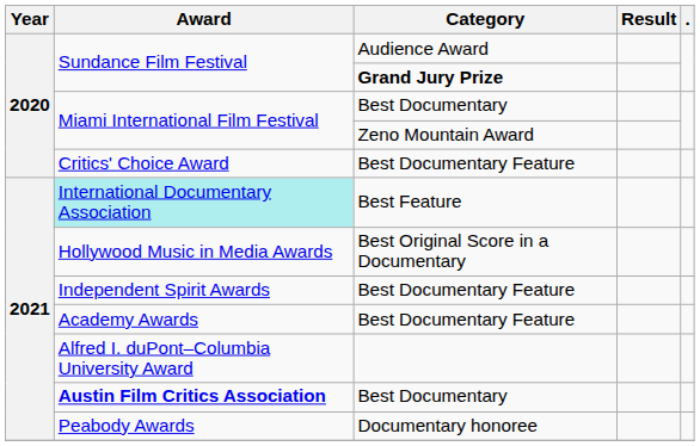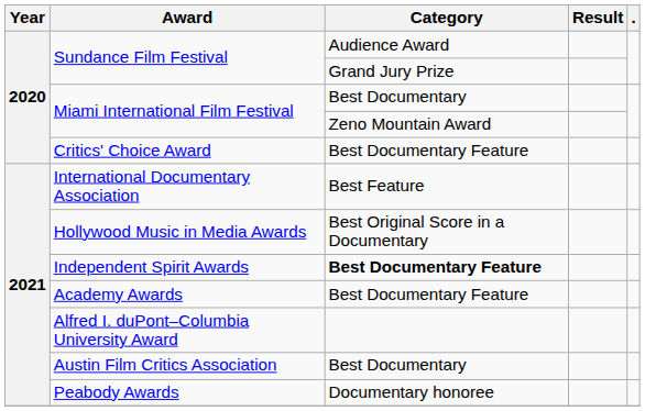 <table class="wikitable plainrowheaders">
 <tr>
 <th>Year</th>
 <th>Award</th>
 <th>Category</th>
 <th>Result</th>
 <th>.</th>
 </tr>
 <tr>
 <th rowspan="5" scope="row">2020</th>
 <td rowspan="2"><a href='#'>Sundance Film Festival</a></td>
 <td>Audience Award</td>
 <td></td>
 <td rowspan="2"></td>
 </tr>
 <tr>
-<td><strong>Grand Jury Prize</strong></td>
+<td>Grand Jury Prize</td>
 <td></td>
 </tr>
 <tr>
 <td rowspan="2"><a href='#'>Miami International Film Festival</a></td>
 <td>Best Documentary</td>
 <td></td>
 <td rowspan="2"></td>
 </tr>
 <tr>
 <td>Zeno Mountain Award</td>
 <td></td>
 </tr>
 <tr>
 <td><a href='#'>Critics' Choice Award</a></td>
 <td>Best Documentary Feature</td>
 <td></td>
 <td></td>
 </tr>
 <tr>
 <th rowspan="7" scope="row">2021</th>
-<td style="background: paleturquoise;"><a href='#'>International Documentary Association</a></td>
+<td><a href='#'>International Documentary Association</a></td>
 <td>Best Feature</td>
 <td></td>
 <td></td>
 </tr>
 <tr>
 <td><a href='#'>Hollywood Music in Media Awards</a></td>
 <td>Best Original Score in a Documentary</td>
 <td></td>
 <td></td>
 </tr>
 <tr>
 <td><a href='#'>Independent Spirit Awards</a></td>
-<td>Best Documentary Feature</td>
+<td><strong>Best Documentary Feature</strong></td>
 <td></td>
 <td></td>
 </tr>
 <tr>
 <td><a href='#'>Academy Awards</a></td>
 <td>Best Documentary Feature</td>
 <td></td>
 <td></td>
 </tr>
 <tr>
 <td><a href='#'>Alfred I. duPont–Columbia University Award</a></td>
 <td></td>
 <td></td>
 <td></td>
 </tr>
 <tr>
-<td><strong><a href='#'>Austin Film Critics Association</a></strong></td>
+<td><a href='#'>Austin Film Critics Association</a></td>
 <td>Best Documentary</td>
 <td></td>
 <td></td>
 </tr>
 <tr>
 <td><a href='#'>Peabody Awards</a></td>
 <td>Documentary honoree</td>
 <td></td>
 <td></td>
 </tr>
 <tr>
 </tr>
 </table>
